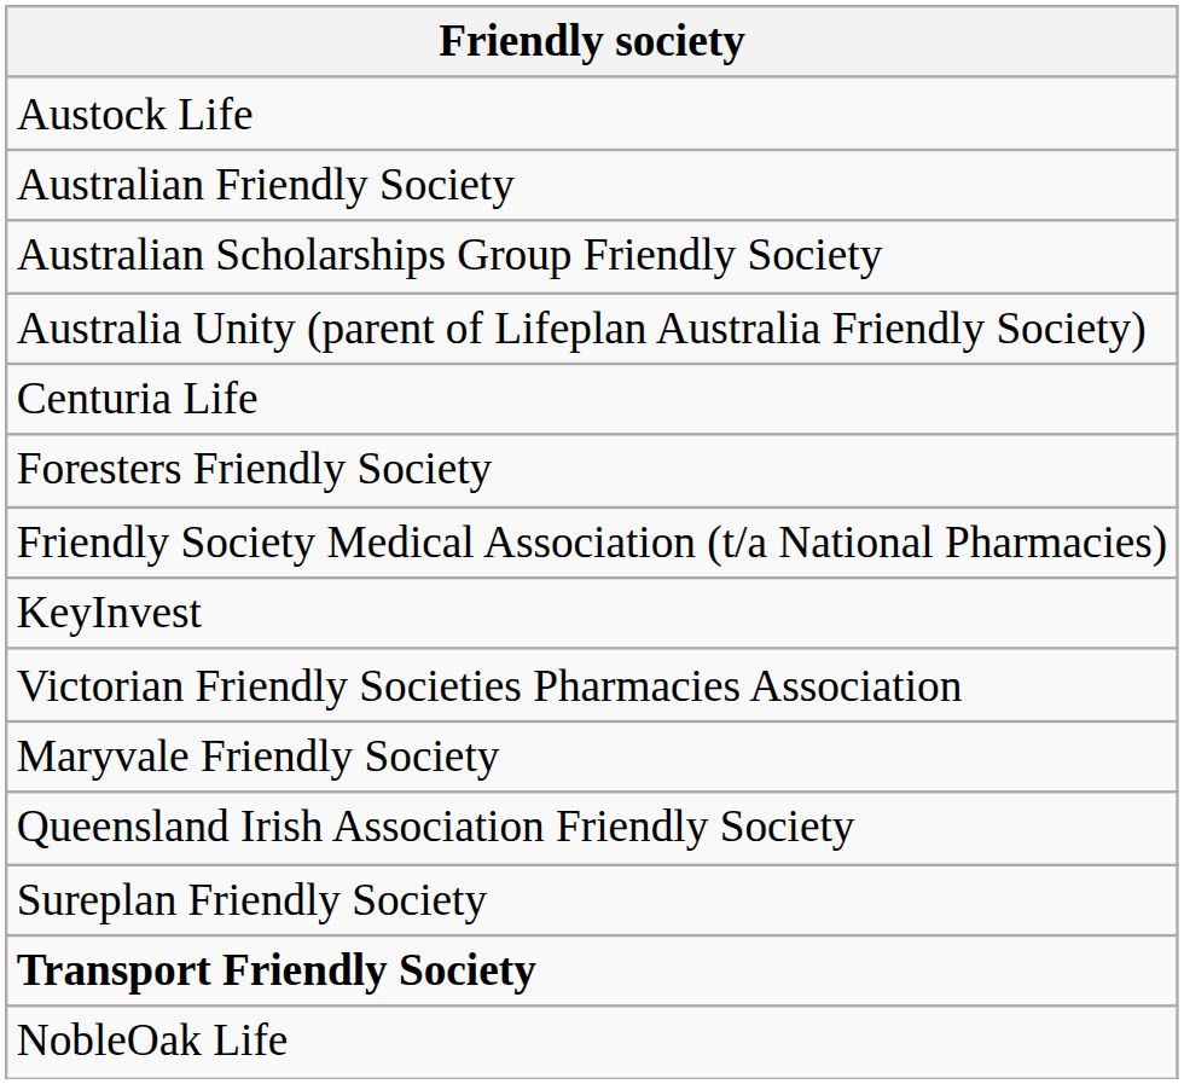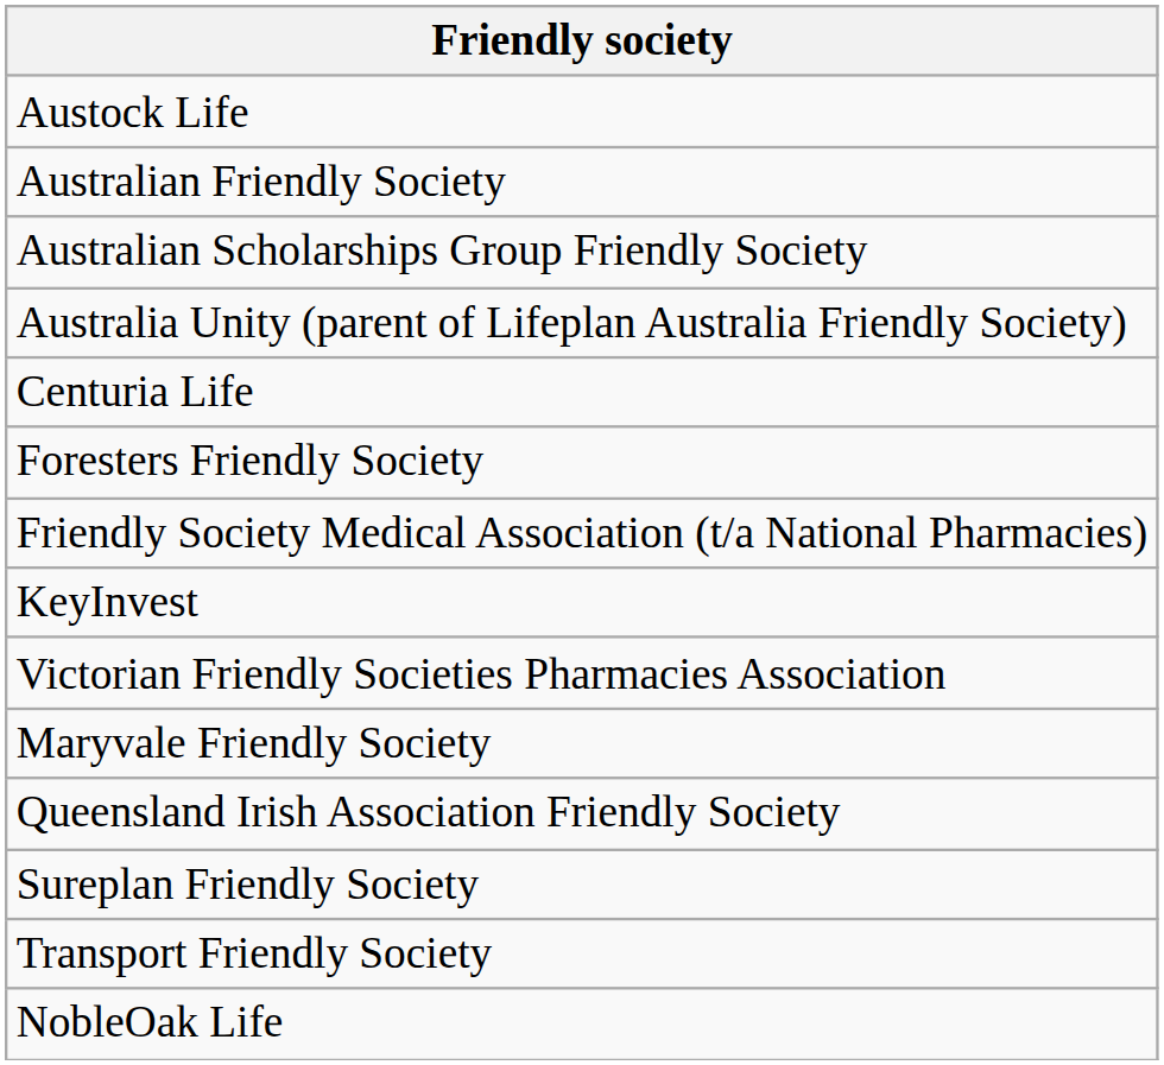 <table class="wikitable sortable">
 <tr>
 <th>Friendly society</th>
 </tr>
 <tr>
 <td>Austock Life</td>
 </tr>
 <tr>
 <td>Australian Friendly Society</td>
 </tr>
 <tr>
 <td>Australian Scholarships Group Friendly Society</td>
 </tr>
 <tr>
 <td>Australia Unity (parent of Lifeplan Australia Friendly Society)</td>
 </tr>
 <tr>
 <td>Centuria Life</td>
 </tr>
 <tr>
 <td>Foresters Friendly Society</td>
 </tr>
 <tr>
 <td>Friendly Society Medical Association (t/a National Pharmacies)</td>
 </tr>
 <tr>
 <td>KeyInvest</td>
 </tr>
 <tr>
 <td>Victorian Friendly Societies Pharmacies Association</td>
 </tr>
 <tr>
 <td>Maryvale Friendly Society</td>
 </tr>
 <tr>
 <td>Queensland Irish Association Friendly Society</td>
 </tr>
 <tr>
 <td>Sureplan Friendly Society</td>
 </tr>
 <tr>
-<td><strong>Transport Friendly Society</strong></td>
+<td>Transport Friendly Society</td>
 </tr>
 <tr>
 <td>NobleOak Life</td>
 </tr>
 </table>
